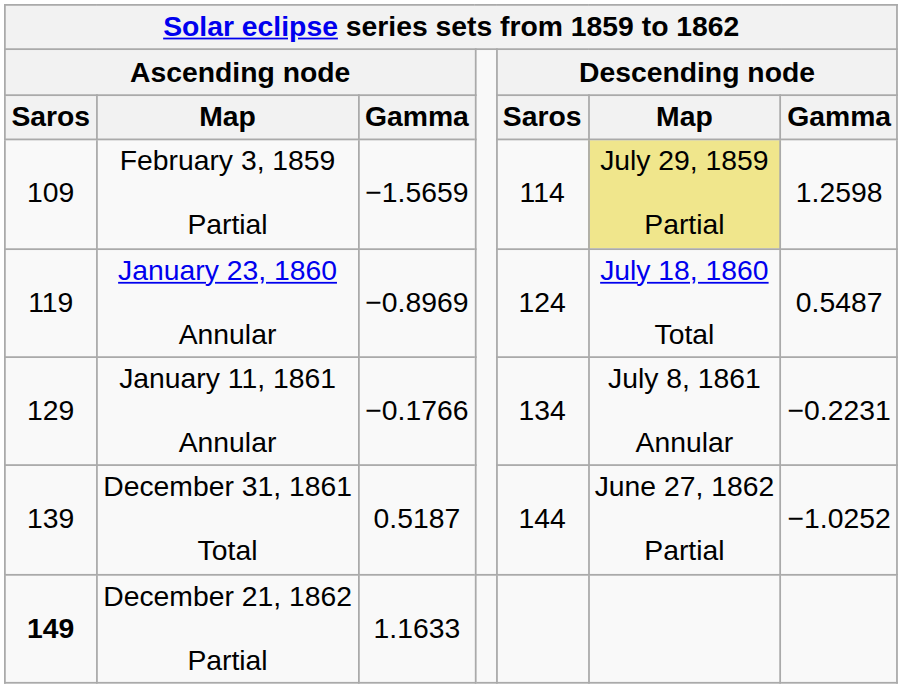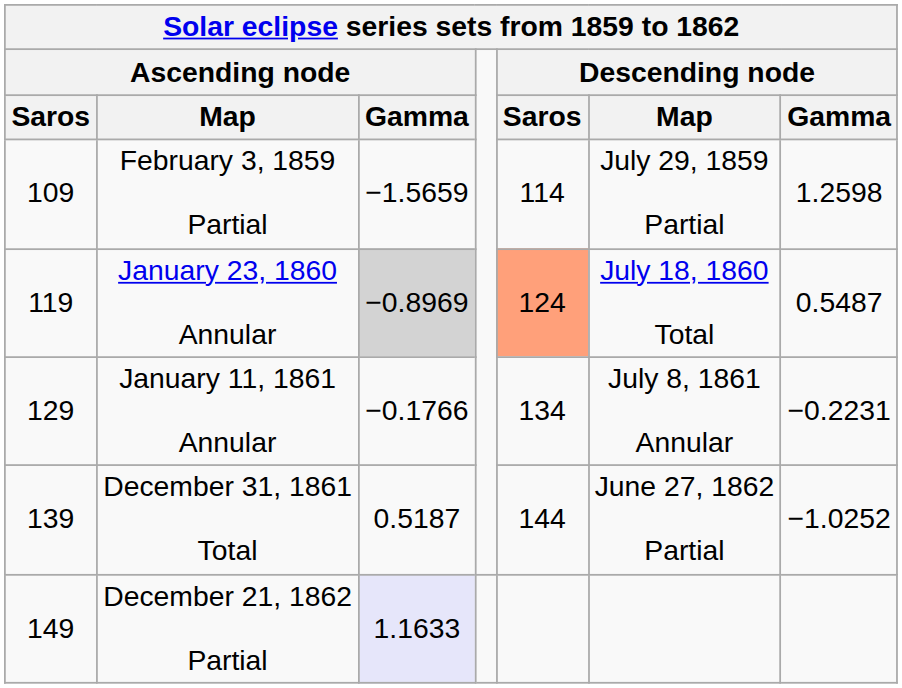 <table class="wikitable mw-collapsible mw-collapsed">
 <tr>
 <th class="nowrap" colspan="7"><a href='#'>Solar eclipse</a> series sets from 1859 to 1862</th>
 </tr>
 <tr>
 <th scope="col" colspan="3">Ascending node</th>
 <td rowspan="6"> </td>
 <th scope="col" colspan="3">Descending node</th>
 </tr>
 <tr style="text-align: center;">
 <th scope="col">Saros</th>
 <th scope="col">Map</th>
 <th scope="col">Gamma</th>
 <th scope="col">Saros</th>
 <th scope="col">Map</th>
 <th scope="col">Gamma</th>
 </tr>
 <tr style="text-align: center;">
 <td>109</td>
 <td>February 3, 1859<br><br>Partial</td>
 <td>−1.5659</td>
 <td>114</td>
-<td style="background: khaki;">July 29, 1859<br><br>Partial</td>
+<td>July 29, 1859<br><br>Partial</td>
 <td>1.2598</td>
 </tr>
 <tr style="text-align: center;">
 <td>119</td>
 <td><a href='#'>January 23, 1860</a><br><br>Annular</td>
-<td>−0.8969</td>
-<td>124</td>
+<td style="background: lightgrey;">−0.8969</td>
+<td style="background: lightsalmon;">124</td>
 <td><a href='#'>July 18, 1860</a><br><br>Total</td>
 <td>0.5487</td>
 </tr>
 <tr style="text-align: center;">
 <td>129</td>
 <td>January 11, 1861<br><br>Annular</td>
 <td>−0.1766</td>
 <td>134</td>
 <td>July 8, 1861<br><br>Annular</td>
 <td>−0.2231</td>
 </tr>
 <tr style="text-align: center;">
 <td>139</td>
 <td>December 31, 1861<br><br>Total</td>
 <td>0.5187</td>
 <td>144</td>
 <td>June 27, 1862<br><br>Partial</td>
 <td>−1.0252</td>
 </tr>
 <tr style="text-align: center;">
-<td><strong>149</strong></td>
+<td>149</td>
 <td>December 21, 1862<br><br>Partial</td>
-<td>1.1633</td>
+<td style="background: lavender;">1.1633</td>
 <td></td>
 <td></td>
 <td></td>
 <td></td>
 </tr>
 </table>
